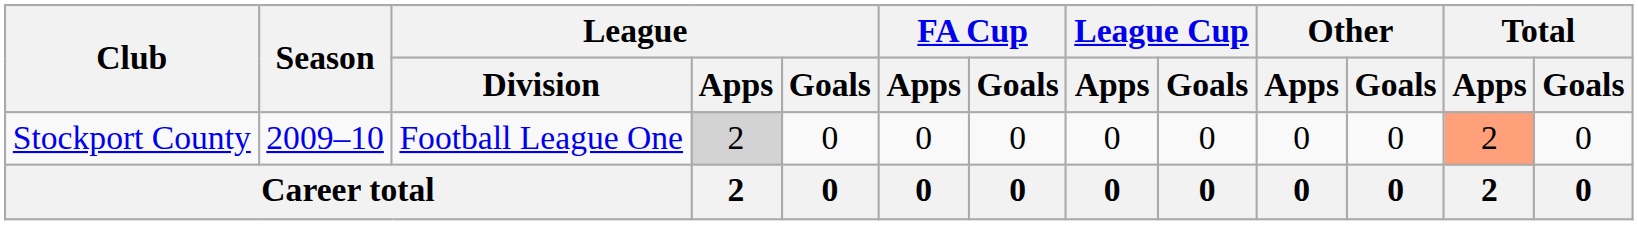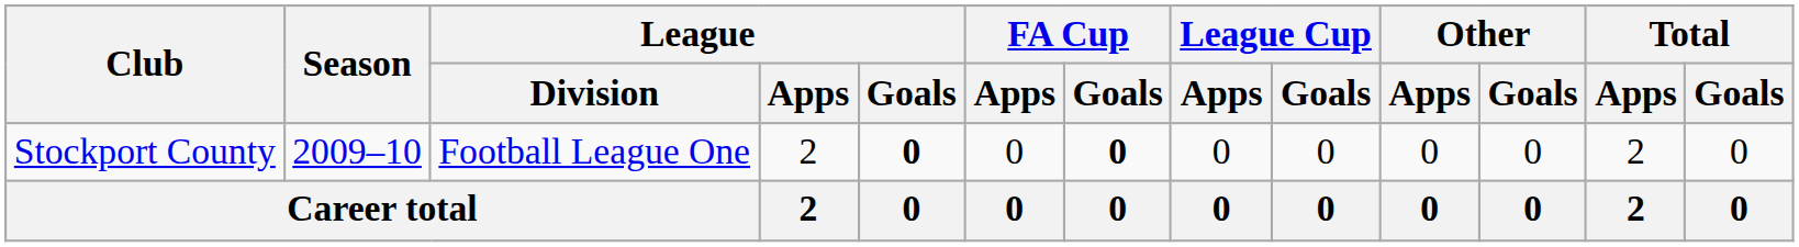 <table class="wikitable" style="text-align:center;">
 <tr>
 <th rowspan="2">Club</th>
 <th rowspan="2">Season</th>
 <th colspan="3">League</th>
 <th colspan="2"><a href='#'>FA Cup</a></th>
 <th colspan="2"><a href='#'>League Cup</a></th>
 <th colspan="2">Other</th>
 <th colspan="2">Total</th>
 </tr>
 <tr>
 <th>Division</th>
 <th>Apps</th>
 <th>Goals</th>
 <th>Apps</th>
 <th>Goals</th>
 <th>Apps</th>
 <th>Goals</th>
 <th>Apps</th>
 <th>Goals</th>
 <th>Apps</th>
 <th>Goals</th>
 </tr>
 <tr>
 <td><a href='#'>Stockport County</a></td>
 <td><a href='#'>2009–10</a></td>
 <td><a href='#'>Football League One</a></td>
-<td style="background: lightgrey;">2</td>
+<td>2</td>
+<td><strong>0</strong></td>
+<td>0</td>
+<td><strong>0</strong></td>
 <td>0</td>
 <td>0</td>
 <td>0</td>
 <td>0</td>
-<td>0</td>
-<td>0</td>
-<td>0</td>
-<td style="background: lightsalmon;">2</td>
+<td>2</td>
 <td>0</td>
 </tr>
 <tr>
 <th colspan="3">Career total</th>
 <th>2</th>
 <th>0</th>
 <th>0</th>
 <th>0</th>
 <th>0</th>
 <th>0</th>
 <th>0</th>
 <th>0</th>
 <th>2</th>
 <th>0</th>
 </tr>
 </table>
